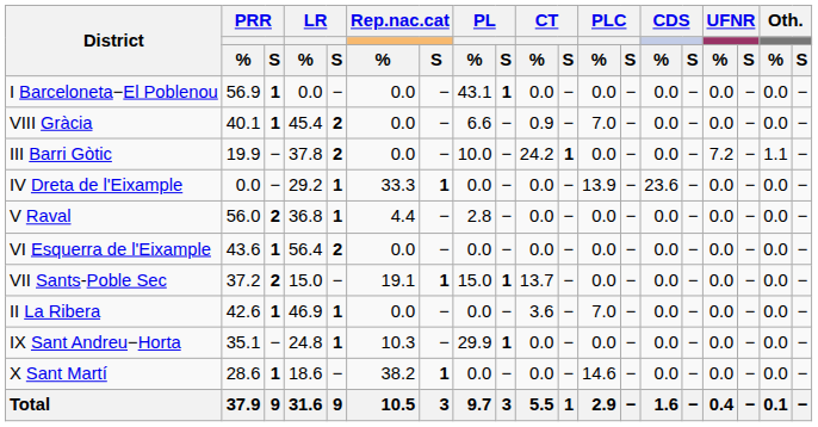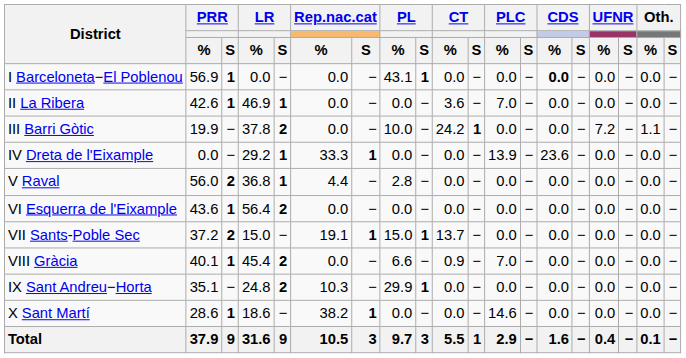 <table class='wikitable sortable' style='text-align:right; font-size:95%; line-height:20px;'>
 <tr>
 <th rowspan='3'>District</th>
 <th colspan='2' width='30px'><a href='#'>PRR</a></th>
 <th colspan='2' width='30px'><a href='#'>LR</a></th>
 <th colspan='2' width='30px'><a href='#'>Rep.nac.cat</a></th>
 <th colspan='2' width='30px'><a href='#'>PL</a></th>
 <th colspan='2' width='30px'><a href='#'>CT</a></th>
 <th colspan='2' width='30px'><a href='#'>PLC</a></th>
 <th colspan='2' width='30px'><a href='#'>CDS</a></th>
 <th colspan='2' width='30px'><a href='#'>UFNR</a></th>
 <th colspan='2' width='30px'>Oth.</th>
 </tr>
 <tr>
 <th colspan='2' style='background:'></th>
 <th colspan='2' style='background:'></th>
 <th colspan='2' style='background:#F7B96F'></th>
 <th colspan='2' style='background:'></th>
 <th colspan='2' style='background:'></th>
 <th colspan='2' style='background:'></th>
 <th colspan='2' style='background:#C2CCE7'></th>
 <th colspan='2' style='background:#993366'></th>
 <th colspan='2' style='background:#777777'></th>
 </tr>
 <tr>
 <th data-sort-type='number'>%</th>
 <th data-sort-type='number'>S</th>
 <th data-sort-type='number'>%</th>
 <th data-sort-type='number'>S</th>
 <th data-sort-type='number'>%</th>
 <th data-sort-type='number'>S</th>
 <th data-sort-type='number'>%</th>
 <th data-sort-type='number'>S</th>
 <th data-sort-type='number'>%</th>
 <th data-sort-type='number'>S</th>
 <th data-sort-type='number'>%</th>
 <th data-sort-type='number'>S</th>
 <th data-sort-type='number'>%</th>
 <th data-sort-type='number'>S</th>
 <th data-sort-type='number'>%</th>
 <th data-sort-type='number'>S</th>
 <th data-sort-type='number'>%</th>
 <th data-sort-type='number'>S</th>
 </tr>
 <tr>
 <td style='text-align: left;'>I <a href='#'>Barceloneta</a>−<a href='#'>El Poblenou</a></td>
 <td style='text-align: right;'>56.9</td>
 <td style='text-align: right;'><strong>1</strong></td>
 <td style='text-align: right;'>0.0</td>
 <td style='text-align: right;'>−</td>
 <td style='text-align: right;'>0.0</td>
 <td style='text-align: right;'>−</td>
 <td style='text-align: right;'>43.1</td>
 <td style='text-align: right;'><strong>1</strong></td>
 <td style='text-align: right;'>0.0</td>
 <td style='text-align: right;'>−</td>
 <td style='text-align: right;'>0.0</td>
 <td style='text-align: right;'>−</td>
-<td style='text-align: right;'>0.0</td>
+<td style='text-align: right;'><strong>0.0</strong></td>
 <td style='text-align: right;'>−</td>
 <td style='text-align: right;'>0.0</td>
 <td style='text-align: right;'>−</td>
 <td style='text-align: right;'>0.0</td>
 <td style='text-align: right;'>−</td>
 </tr>
 <tr>
-<td style='text-align: left;'>VIII <a href='#'>Gràcia</a></td>
-<td style='text-align: right;'>40.1</td>
+<td style='text-align: left;'>II <a href='#'>La Ribera</a></td>
+<td style='text-align: right;'>42.6</td>
 <td style='text-align: right;'><strong>1</strong></td>
-<td style='text-align: right;'>45.4</td>
-<td style='text-align: right;'><strong>2</strong></td>
+<td style='text-align: right;'>46.9</td>
+<td style='text-align: right;'><strong>1</strong></td>
 <td style='text-align: right;'>0.0</td>
 <td style='text-align: right;'>−</td>
-<td style='text-align: right;'>6.6</td>
+<td style='text-align: right;'>0.0</td>
 <td style='text-align: right;'>−</td>
-<td style='text-align: right;'>0.9</td>
+<td style='text-align: right;'>3.6</td>
 <td style='text-align: right;'>−</td>
 <td style='text-align: right;'>7.0</td>
 <td style='text-align: right;'>−</td>
 <td style='text-align: right;'>0.0</td>
 <td style='text-align: right;'>−</td>
 <td style='text-align: right;'>0.0</td>
 <td style='text-align: right;'>−</td>
 <td style='text-align: right;'>0.0</td>
 <td style='text-align: right;'>−</td>
 </tr>
 <tr>
 <td style='text-align: left;'>III <a href='#'>Barri Gòtic</a></td>
 <td style='text-align: right;'>19.9</td>
 <td style='text-align: right;'>−</td>
 <td style='text-align: right;'>37.8</td>
 <td style='text-align: right;'><strong>2</strong></td>
 <td style='text-align: right;'>0.0</td>
 <td style='text-align: right;'>−</td>
 <td style='text-align: right;'>10.0</td>
 <td style='text-align: right;'>−</td>
 <td style='text-align: right;'>24.2</td>
 <td style='text-align: right;'><strong>1</strong></td>
 <td style='text-align: right;'>0.0</td>
 <td style='text-align: right;'>−</td>
 <td style='text-align: right;'>0.0</td>
 <td style='text-align: right;'>−</td>
 <td style='text-align: right;'>7.2</td>
 <td style='text-align: right;'>−</td>
 <td style='text-align: right;'>1.1</td>
 <td style='text-align: right;'>−</td>
 </tr>
 <tr>
 <td style='text-align: left;'>IV <a href='#'>Dreta de l'Eixample</a></td>
 <td style='text-align: right;'>0.0</td>
 <td style='text-align: right;'>−</td>
 <td style='text-align: right;'>29.2</td>
 <td style='text-align: right;'><strong>1</strong></td>
 <td style='text-align: right;'>33.3</td>
 <td style='text-align: right;'><strong>1</strong></td>
 <td style='text-align: right;'>0.0</td>
 <td style='text-align: right;'>−</td>
 <td style='text-align: right;'>0.0</td>
 <td style='text-align: right;'>−</td>
 <td style='text-align: right;'>13.9</td>
 <td style='text-align: right;'>−</td>
 <td style='text-align: right;'>23.6</td>
 <td style='text-align: right;'>−</td>
 <td style='text-align: right;'>0.0</td>
 <td style='text-align: right;'>−</td>
 <td style='text-align: right;'>0.0</td>
 <td style='text-align: right;'>−</td>
 </tr>
 <tr>
 <td style='text-align: left;'>V <a href='#'>Raval</a></td>
 <td style='text-align: right;'>56.0</td>
 <td style='text-align: right;'><strong>2</strong></td>
 <td style='text-align: right;'>36.8</td>
 <td style='text-align: right;'><strong>1</strong></td>
 <td style='text-align: right;'>4.4</td>
 <td style='text-align: right;'>−</td>
 <td style='text-align: right;'>2.8</td>
 <td style='text-align: right;'>−</td>
 <td style='text-align: right;'>0.0</td>
 <td style='text-align: right;'>−</td>
 <td style='text-align: right;'>0.0</td>
 <td style='text-align: right;'>−</td>
 <td style='text-align: right;'>0.0</td>
 <td style='text-align: right;'>−</td>
 <td style='text-align: right;'>0.0</td>
 <td style='text-align: right;'>−</td>
 <td style='text-align: right;'>0.0</td>
 <td style='text-align: right;'>−</td>
 </tr>
 <tr>
 <td style='text-align: left;'>VI <a href='#'>Esquerra de l'Eixample</a></td>
 <td style='text-align: right;'>43.6</td>
 <td style='text-align: right;'><strong>1</strong></td>
 <td style='text-align: right;'>56.4</td>
 <td style='text-align: right;'><strong>2</strong></td>
 <td style='text-align: right;'>0.0</td>
 <td style='text-align: right;'>−</td>
 <td style='text-align: right;'>0.0</td>
 <td style='text-align: right;'>−</td>
 <td style='text-align: right;'>0.0</td>
 <td style='text-align: right;'>−</td>
 <td style='text-align: right;'>0.0</td>
 <td style='text-align: right;'>−</td>
 <td style='text-align: right;'>0.0</td>
 <td style='text-align: right;'>−</td>
 <td style='text-align: right;'>0.0</td>
 <td style='text-align: right;'>−</td>
 <td style='text-align: right;'>0.0</td>
 <td style='text-align: right;'>−</td>
 </tr>
 <tr>
 <td style='text-align: left;'>VII <a href='#'>Sants</a>-<a href='#'>Poble Sec</a></td>
 <td style='text-align: right;'>37.2</td>
 <td style='text-align: right;'><strong>2</strong></td>
 <td style='text-align: right;'>15.0</td>
 <td style='text-align: right;'>−</td>
 <td style='text-align: right;'>19.1</td>
 <td style='text-align: right;'><strong>1</strong></td>
 <td style='text-align: right;'>15.0</td>
 <td style='text-align: right;'><strong>1</strong></td>
 <td style='text-align: right;'>13.7</td>
 <td style='text-align: right;'>−</td>
 <td style='text-align: right;'>0.0</td>
 <td style='text-align: right;'>−</td>
 <td style='text-align: right;'>0.0</td>
 <td style='text-align: right;'>−</td>
 <td style='text-align: right;'>0.0</td>
 <td style='text-align: right;'>−</td>
 <td style='text-align: right;'>0.0</td>
 <td style='text-align: right;'>−</td>
 </tr>
 <tr>
-<td style='text-align: left;'>II <a href='#'>La Ribera</a></td>
-<td style='text-align: right;'>42.6</td>
+<td style='text-align: left;'>VIII <a href='#'>Gràcia</a></td>
+<td style='text-align: right;'>40.1</td>
 <td style='text-align: right;'><strong>1</strong></td>
-<td style='text-align: right;'>46.9</td>
-<td style='text-align: right;'><strong>1</strong></td>
+<td style='text-align: right;'>45.4</td>
+<td style='text-align: right;'><strong>2</strong></td>
 <td style='text-align: right;'>0.0</td>
 <td style='text-align: right;'>−</td>
-<td style='text-align: right;'>0.0</td>
+<td style='text-align: right;'>6.6</td>
 <td style='text-align: right;'>−</td>
-<td style='text-align: right;'>3.6</td>
+<td style='text-align: right;'>0.9</td>
 <td style='text-align: right;'>−</td>
 <td style='text-align: right;'>7.0</td>
 <td style='text-align: right;'>−</td>
 <td style='text-align: right;'>0.0</td>
 <td style='text-align: right;'>−</td>
 <td style='text-align: right;'>0.0</td>
 <td style='text-align: right;'>−</td>
 <td style='text-align: right;'>0.0</td>
 <td style='text-align: right;'>−</td>
 </tr>
 <tr>
 <td style='text-align: left;'>IX <a href='#'>Sant Andreu</a>−<a href='#'>Horta</a></td>
 <td style='text-align: right;'>35.1</td>
 <td style='text-align: right;'>−</td>
 <td style='text-align: right;'>24.8</td>
-<td style='text-align: right;'><strong>1</strong></td>
+<td style='text-align: right;'><strong>2</strong></td>
 <td style='text-align: right;'>10.3</td>
 <td style='text-align: right;'>−</td>
 <td style='text-align: right;'>29.9</td>
 <td style='text-align: right;'><strong>1</strong></td>
 <td style='text-align: right;'>0.0</td>
 <td style='text-align: right;'>−</td>
 <td style='text-align: right;'>0.0</td>
 <td style='text-align: right;'>−</td>
 <td style='text-align: right;'>0.0</td>
 <td style='text-align: right;'>−</td>
 <td style='text-align: right;'>0.0</td>
 <td style='text-align: right;'>−</td>
 <td style='text-align: right;'>0.0</td>
 <td style='text-align: right;'>−</td>
 </tr>
 <tr>
 <td style='text-align: left;'>X <a href='#'>Sant Martí</a></td>
 <td style='text-align: right;'>28.6</td>
 <td style='text-align: right;'><strong>1</strong></td>
 <td style='text-align: right;'>18.6</td>
 <td style='text-align: right;'>−</td>
 <td style='text-align: right;'>38.2</td>
 <td style='text-align: right;'><strong>1</strong></td>
 <td style='text-align: right;'>0.0</td>
 <td style='text-align: right;'>−</td>
 <td style='text-align: right;'>0.0</td>
 <td style='text-align: right;'>−</td>
 <td style='text-align: right;'>14.6</td>
 <td style='text-align: right;'>−</td>
 <td style='text-align: right;'>0.0</td>
 <td style='text-align: right;'>−</td>
 <td style='text-align: right;'>0.0</td>
 <td style='text-align: right;'>−</td>
 <td style='text-align: right;'>0.0</td>
 <td style='text-align: right;'>−</td>
 </tr>
 <tr>
 <th style='text-align: left;'>Total</th>
 <th style='text-align: right;'>37.9</th>
 <th style='text-align: right;'><strong>9</strong></th>
 <th style='text-align: right;'>31.6</th>
 <th style='text-align: right;'><strong>9</strong></th>
 <th style='text-align: right;'>10.5</th>
 <th style='text-align: right;'><strong>3</strong></th>
 <th style='text-align: right;'>9.7</th>
 <th style='text-align: right;'><strong>3</strong></th>
 <th style='text-align: right;'>5.5</th>
 <th style='text-align: right;'><strong>1</strong></th>
 <th style='text-align: right;'>2.9</th>
 <th style='text-align: right;'>−</th>
 <th style='text-align: right;'>1.6</th>
 <th style='text-align: right;'>−</th>
 <th style='text-align: right;'>0.4</th>
 <th style='text-align: right;'>−</th>
 <th style='text-align: right;'>0.1</th>
 <th style='text-align: right;'>−</th>
 </tr>
 </table>
